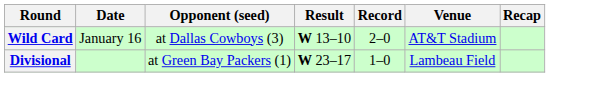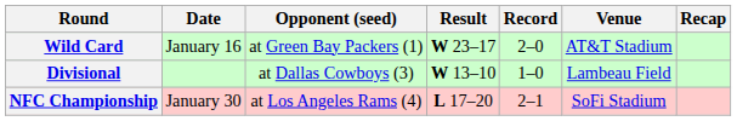 <table class="wikitable" style="text-align:center">
 <tr>
 <th>Round</th>
 <th>Date</th>
 <th>Opponent (seed)</th>
 <th>Result</th>
 <th>Record</th>
 <th>Venue</th>
 <th>Recap</th>
 </tr>
 <tr style="background:#cfc">
 <th><a href='#'>Wild Card</a></th>
 <td>January 16</td>
-<td>at <a href='#'>Dallas Cowboys</a> (3)</td>
-<td><strong>W</strong> 13–10</td>
+<td>at <a href='#'>Green Bay Packers</a> (1)</td>
+<td><strong>W</strong> 23–17</td>
 <td>2–0</td>
 <td><a href='#'>AT&T Stadium</a></td>
 <td></td>
 </tr>
 <tr style="background:#cfc">
 <th><a href='#'>Divisional</a></th>
 <td></td>
-<td>at <a href='#'>Green Bay Packers</a> (1)</td>
-<td><strong>W</strong> 23–17</td>
+<td>at <a href='#'>Dallas Cowboys</a> (3)</td>
+<td><strong>W</strong> 13–10</td>
 <td>1–0</td>
 <td><a href='#'>Lambeau Field</a></td>
 <td></td>
 </tr>
+<tr style="background:#fcc">
+<th><a href='#'>NFC Championship</a></th>
+<td>January 30</td>
+<td>at <a href='#'>Los Angeles Rams</a> (4)</td>
+<td><strong>L</strong> 17–20</td>
+<td>2–1</td>
+<td><a href='#'>SoFi Stadium</a></td>
+<td></td>
+</tr>
 </table>
